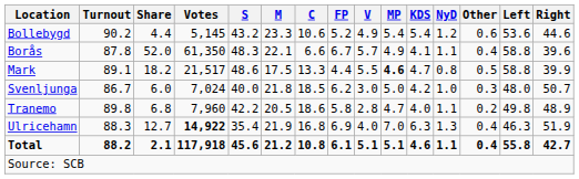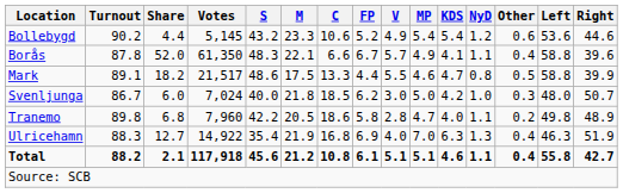 <table class="wikitable sortable" style=text-align:right>
 <tr>
 <th>Location</th>
 <th>Turnout</th>
 <th>Share</th>
 <th>Votes</th>
 <th><a href='#'>S</a></th>
 <th><a href='#'>M</a></th>
 <th><a href='#'>C</a></th>
 <th><a href='#'>FP</a></th>
 <th><a href='#'>V</a></th>
 <th><a href='#'>MP</a></th>
 <th><a href='#'>KDS</a></th>
 <th><a href='#'>NyD</a></th>
 <th>Other</th>
 <th>Left</th>
 <th>Right</th>
 </tr>
 <tr>
 <td align=left><a href='#'>Bollebygd</a></td>
 <td>90.2</td>
 <td>4.4</td>
 <td>5,145</td>
 <td>43.2</td>
 <td>23.3</td>
 <td>10.6</td>
 <td>5.2</td>
 <td>4.9</td>
 <td>5.4</td>
 <td>5.4</td>
 <td>1.2</td>
 <td>0.6</td>
 <td>53.6</td>
 <td>44.6</td>
 </tr>
 <tr>
 <td align=left><a href='#'>Borås</a></td>
 <td>87.8</td>
 <td>52.0</td>
 <td>61,350</td>
 <td>48.3</td>
 <td>22.1</td>
 <td>6.6</td>
 <td>6.7</td>
 <td>5.7</td>
 <td>4.9</td>
 <td>4.1</td>
 <td>1.1</td>
 <td>0.4</td>
 <td>58.8</td>
 <td>39.6</td>
 </tr>
 <tr>
 <td align=left><a href='#'>Mark</a></td>
 <td>89.1</td>
 <td>18.2</td>
 <td>21,517</td>
 <td>48.6</td>
 <td>17.5</td>
 <td>13.3</td>
 <td>4.4</td>
 <td>5.5</td>
-<td><strong>4.6</strong></td>
+<td>4.6</td>
 <td>4.7</td>
 <td>0.8</td>
 <td>0.5</td>
 <td>58.8</td>
 <td>39.9</td>
 </tr>
 <tr>
 <td align=left><a href='#'>Svenljunga</a></td>
 <td>86.7</td>
 <td>6.0</td>
 <td>7,024</td>
 <td>40.0</td>
 <td>21.8</td>
 <td>18.5</td>
 <td>6.2</td>
 <td>3.0</td>
 <td>5.0</td>
 <td>4.2</td>
 <td>1.0</td>
 <td>0.3</td>
 <td>48.0</td>
 <td>50.7</td>
 </tr>
 <tr>
 <td align=left><a href='#'>Tranemo</a></td>
 <td>89.8</td>
 <td>6.8</td>
 <td>7,960</td>
 <td>42.2</td>
 <td>20.5</td>
 <td>18.6</td>
 <td>5.8</td>
 <td>2.8</td>
 <td>4.7</td>
 <td>4.0</td>
 <td>1.1</td>
 <td>0.2</td>
 <td>49.8</td>
 <td>48.9</td>
 </tr>
 <tr>
 <td align=left><a href='#'>Ulricehamn</a></td>
 <td>88.3</td>
 <td>12.7</td>
-<td><strong>14,922</strong></td>
+<td>14,922</td>
 <td>35.4</td>
 <td>21.9</td>
 <td>16.8</td>
 <td>6.9</td>
 <td>4.0</td>
 <td>7.0</td>
 <td>6.3</td>
 <td>1.3</td>
 <td>0.4</td>
 <td>46.3</td>
 <td>51.9</td>
 </tr>
 <tr>
 <td align=left><strong>Total</strong></td>
 <td><strong>88.2</strong></td>
 <td><strong>2.1</strong></td>
 <td><strong>117,918</strong></td>
 <td><strong>45.6</strong></td>
 <td><strong>21.2</strong></td>
 <td><strong>10.8</strong></td>
 <td><strong>6.1</strong></td>
 <td><strong>5.1</strong></td>
 <td><strong>5.1</strong></td>
 <td><strong>4.6</strong></td>
 <td><strong>1.1</strong></td>
 <td><strong>0.4</strong></td>
 <td><strong>55.8</strong></td>
 <td><strong>42.7</strong></td>
 </tr>
 <tr>
 <td align=left colspan=15>Source: SCB </td>
 </tr>
 </table>
